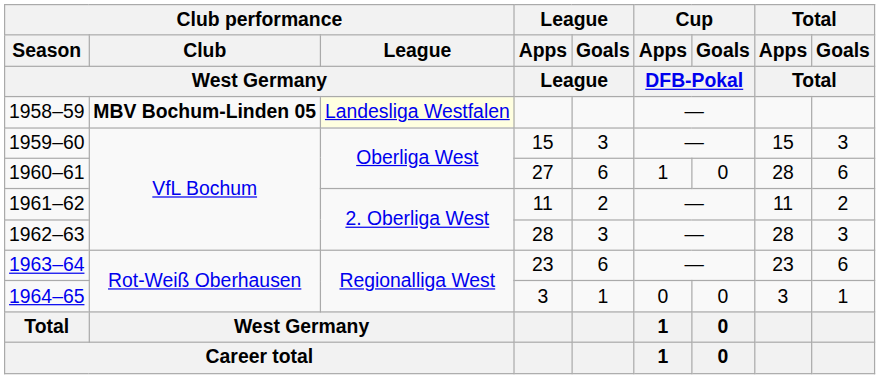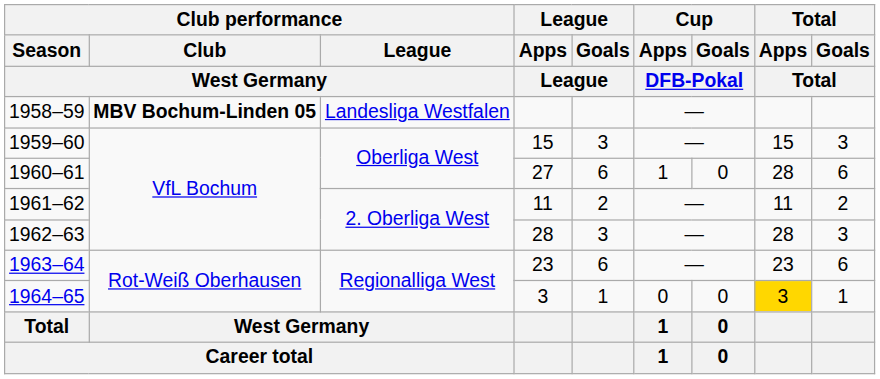 <table class="wikitable" style="text-align:center">
 <tr>
 <th colspan=3>Club performance</th>
 <th colspan=2>League</th>
 <th colspan=2>Cup</th>
 <th colspan=2>Total</th>
 </tr>
 <tr>
 <th>Season</th>
 <th>Club</th>
 <th>League</th>
 <th>Apps</th>
 <th>Goals</th>
 <th>Apps</th>
 <th>Goals</th>
 <th>Apps</th>
 <th>Goals</th>
 </tr>
 <tr>
 <th colspan=3>West Germany</th>
 <th colspan=2>League</th>
 <th colspan=2><a href='#'>DFB-Pokal</a></th>
 <th colspan=2>Total</th>
 </tr>
 <tr>
 <td>1958–59</td>
 <td><strong>MBV Bochum-Linden 05</strong></td>
-<td style="background: lightyellow;"><a href='#'>Landesliga Westfalen</a></td>
+<td><a href='#'>Landesliga Westfalen</a></td>
 <td></td>
 <td></td>
 <td colspan="2">—</td>
 <td></td>
 <td></td>
 </tr>
 <tr>
 <td>1959–60</td>
 <td rowspan="4"><a href='#'>VfL Bochum</a></td>
 <td rowspan="2"><a href='#'>Oberliga West</a></td>
 <td>15</td>
 <td>3</td>
 <td colspan="2">—</td>
 <td>15</td>
 <td>3</td>
 </tr>
 <tr>
 <td>1960–61</td>
 <td>27</td>
 <td>6</td>
 <td>1</td>
 <td>0</td>
 <td>28</td>
 <td>6</td>
 </tr>
 <tr>
 <td>1961–62</td>
 <td rowspan="2"><a href='#'>2. Oberliga West</a></td>
 <td>11</td>
 <td>2</td>
 <td colspan="2">—</td>
 <td>11</td>
 <td>2</td>
 </tr>
 <tr>
 <td>1962–63</td>
 <td>28</td>
 <td>3</td>
 <td colspan="2">—</td>
 <td>28</td>
 <td>3</td>
 </tr>
 <tr>
 <td><a href='#'>1963–64</a></td>
 <td rowspan="2"><a href='#'>Rot-Weiß Oberhausen</a></td>
 <td rowspan="2"><a href='#'>Regionalliga West</a></td>
 <td>23</td>
 <td>6</td>
 <td colspan="2">—</td>
 <td>23</td>
 <td>6</td>
 </tr>
 <tr>
 <td><a href='#'>1964–65</a></td>
 <td>3</td>
 <td>1</td>
 <td>0</td>
 <td>0</td>
-<td>3</td>
+<td style="background: gold;">3</td>
 <td>1</td>
 </tr>
 <tr>
 <th rowspan=1>Total</th>
 <th colspan=2>West Germany</th>
 <th></th>
 <th></th>
 <th>1</th>
 <th>0</th>
 <th></th>
 <th></th>
 </tr>
 <tr>
 <th colspan=3>Career total</th>
 <th></th>
 <th></th>
 <th>1</th>
 <th>0</th>
 <th></th>
 <th></th>
 </tr>
 </table>
